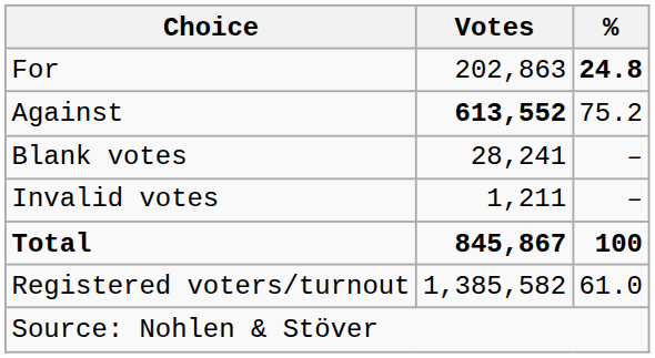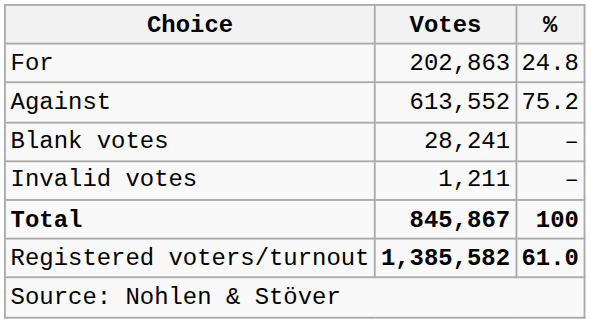 <table class=wikitable style=text-align:right>
 <tr>
 <th>Choice</th>
 <th>Votes</th>
 <th>%</th>
 </tr>
 <tr>
 <td align=left>For</td>
 <td>202,863</td>
-<td><strong>24.8</strong></td>
+<td>24.8</td>
 </tr>
 <tr>
 <td align=left>Against</td>
-<td><strong>613,552</strong></td>
+<td>613,552</td>
 <td>75.2</td>
 </tr>
 <tr>
 <td align=left>Blank votes</td>
 <td>28,241</td>
 <td>–</td>
 </tr>
 <tr>
 <td align=left>Invalid votes</td>
 <td>1,211</td>
 <td>–</td>
 </tr>
 <tr>
 <td align=left><strong>Total</strong></td>
 <td><strong>845,867</strong></td>
 <td><strong>100</strong></td>
 </tr>
 <tr>
 <td align=left>Registered voters/turnout</td>
-<td>1,385,582</td>
-<td>61.0</td>
+<td><strong>1,385,582</strong></td>
+<td><strong>61.0</strong></td>
 </tr>
 <tr>
 <td align=left colspan=6>Source: Nohlen & Stöver</td>
 </tr>
 </table>
